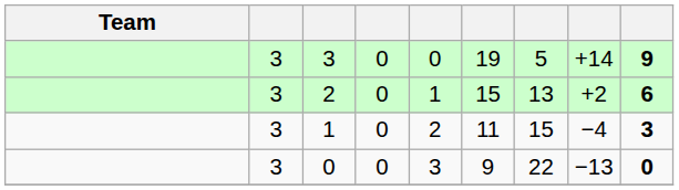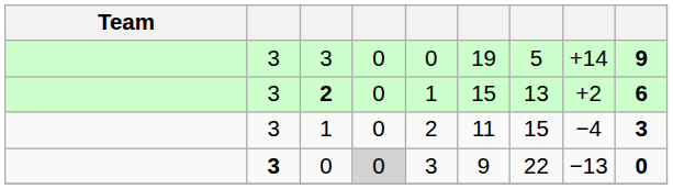 <table class="wikitable" style="text-align: center;">
 <tr>
 <th width=165>Team</th>
 <th width=30></th>
 <th width=30></th>
 <th width=30></th>
 <th width=30></th>
 <th width=30></th>
 <th width=30></th>
 <th width=30></th>
 <th width=30></th>
 </tr>
 <tr bgcolor=ccffcc>
 <td align=left></td>
 <td>3</td>
 <td>3</td>
 <td>0</td>
 <td>0</td>
 <td>19</td>
 <td>5</td>
 <td>+14</td>
 <td><strong>9</strong></td>
 </tr>
 <tr bgcolor=ccffcc>
 <td align=left></td>
 <td>3</td>
-<td>2</td>
+<td><strong>2</strong></td>
 <td>0</td>
 <td>1</td>
 <td>15</td>
 <td>13</td>
 <td>+2</td>
 <td><strong>6</strong></td>
 </tr>
 <tr>
 <td align=left></td>
 <td>3</td>
 <td>1</td>
 <td>0</td>
 <td>2</td>
 <td>11</td>
 <td>15</td>
 <td>−4</td>
 <td><strong>3</strong></td>
 </tr>
 <tr>
 <td align=left></td>
-<td>3</td>
+<td><strong>3</strong></td>
 <td>0</td>
-<td>0</td>
+<td style="background: lightgrey;">0</td>
 <td>3</td>
 <td>9</td>
 <td>22</td>
 <td>−13</td>
 <td><strong>0</strong></td>
 </tr>
 <tr>
 </tr>
 </table>
